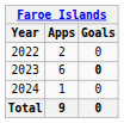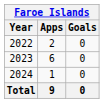 <table class="wikitable" style="text-align:center">
 <tr>
 <th colspan=3><a href='#'>Faroe Islands</a></th>
 </tr>
 <tr>
 <th>Year</th>
 <th>Apps</th>
 <th>Goals</th>
 </tr>
 <tr>
 <td>2022</td>
 <td>2</td>
 <td>0</td>
 </tr>
 <tr>
 <td>2023</td>
 <td>6</td>
-<td><strong>0</strong></td>
+<td>0</td>
 </tr>
 <tr>
 <td>2024</td>
 <td>1</td>
 <td>0</td>
 </tr>
 <tr>
 <th>Total</th>
 <th>9</th>
 <th>0</th>
 </tr>
 </table>
